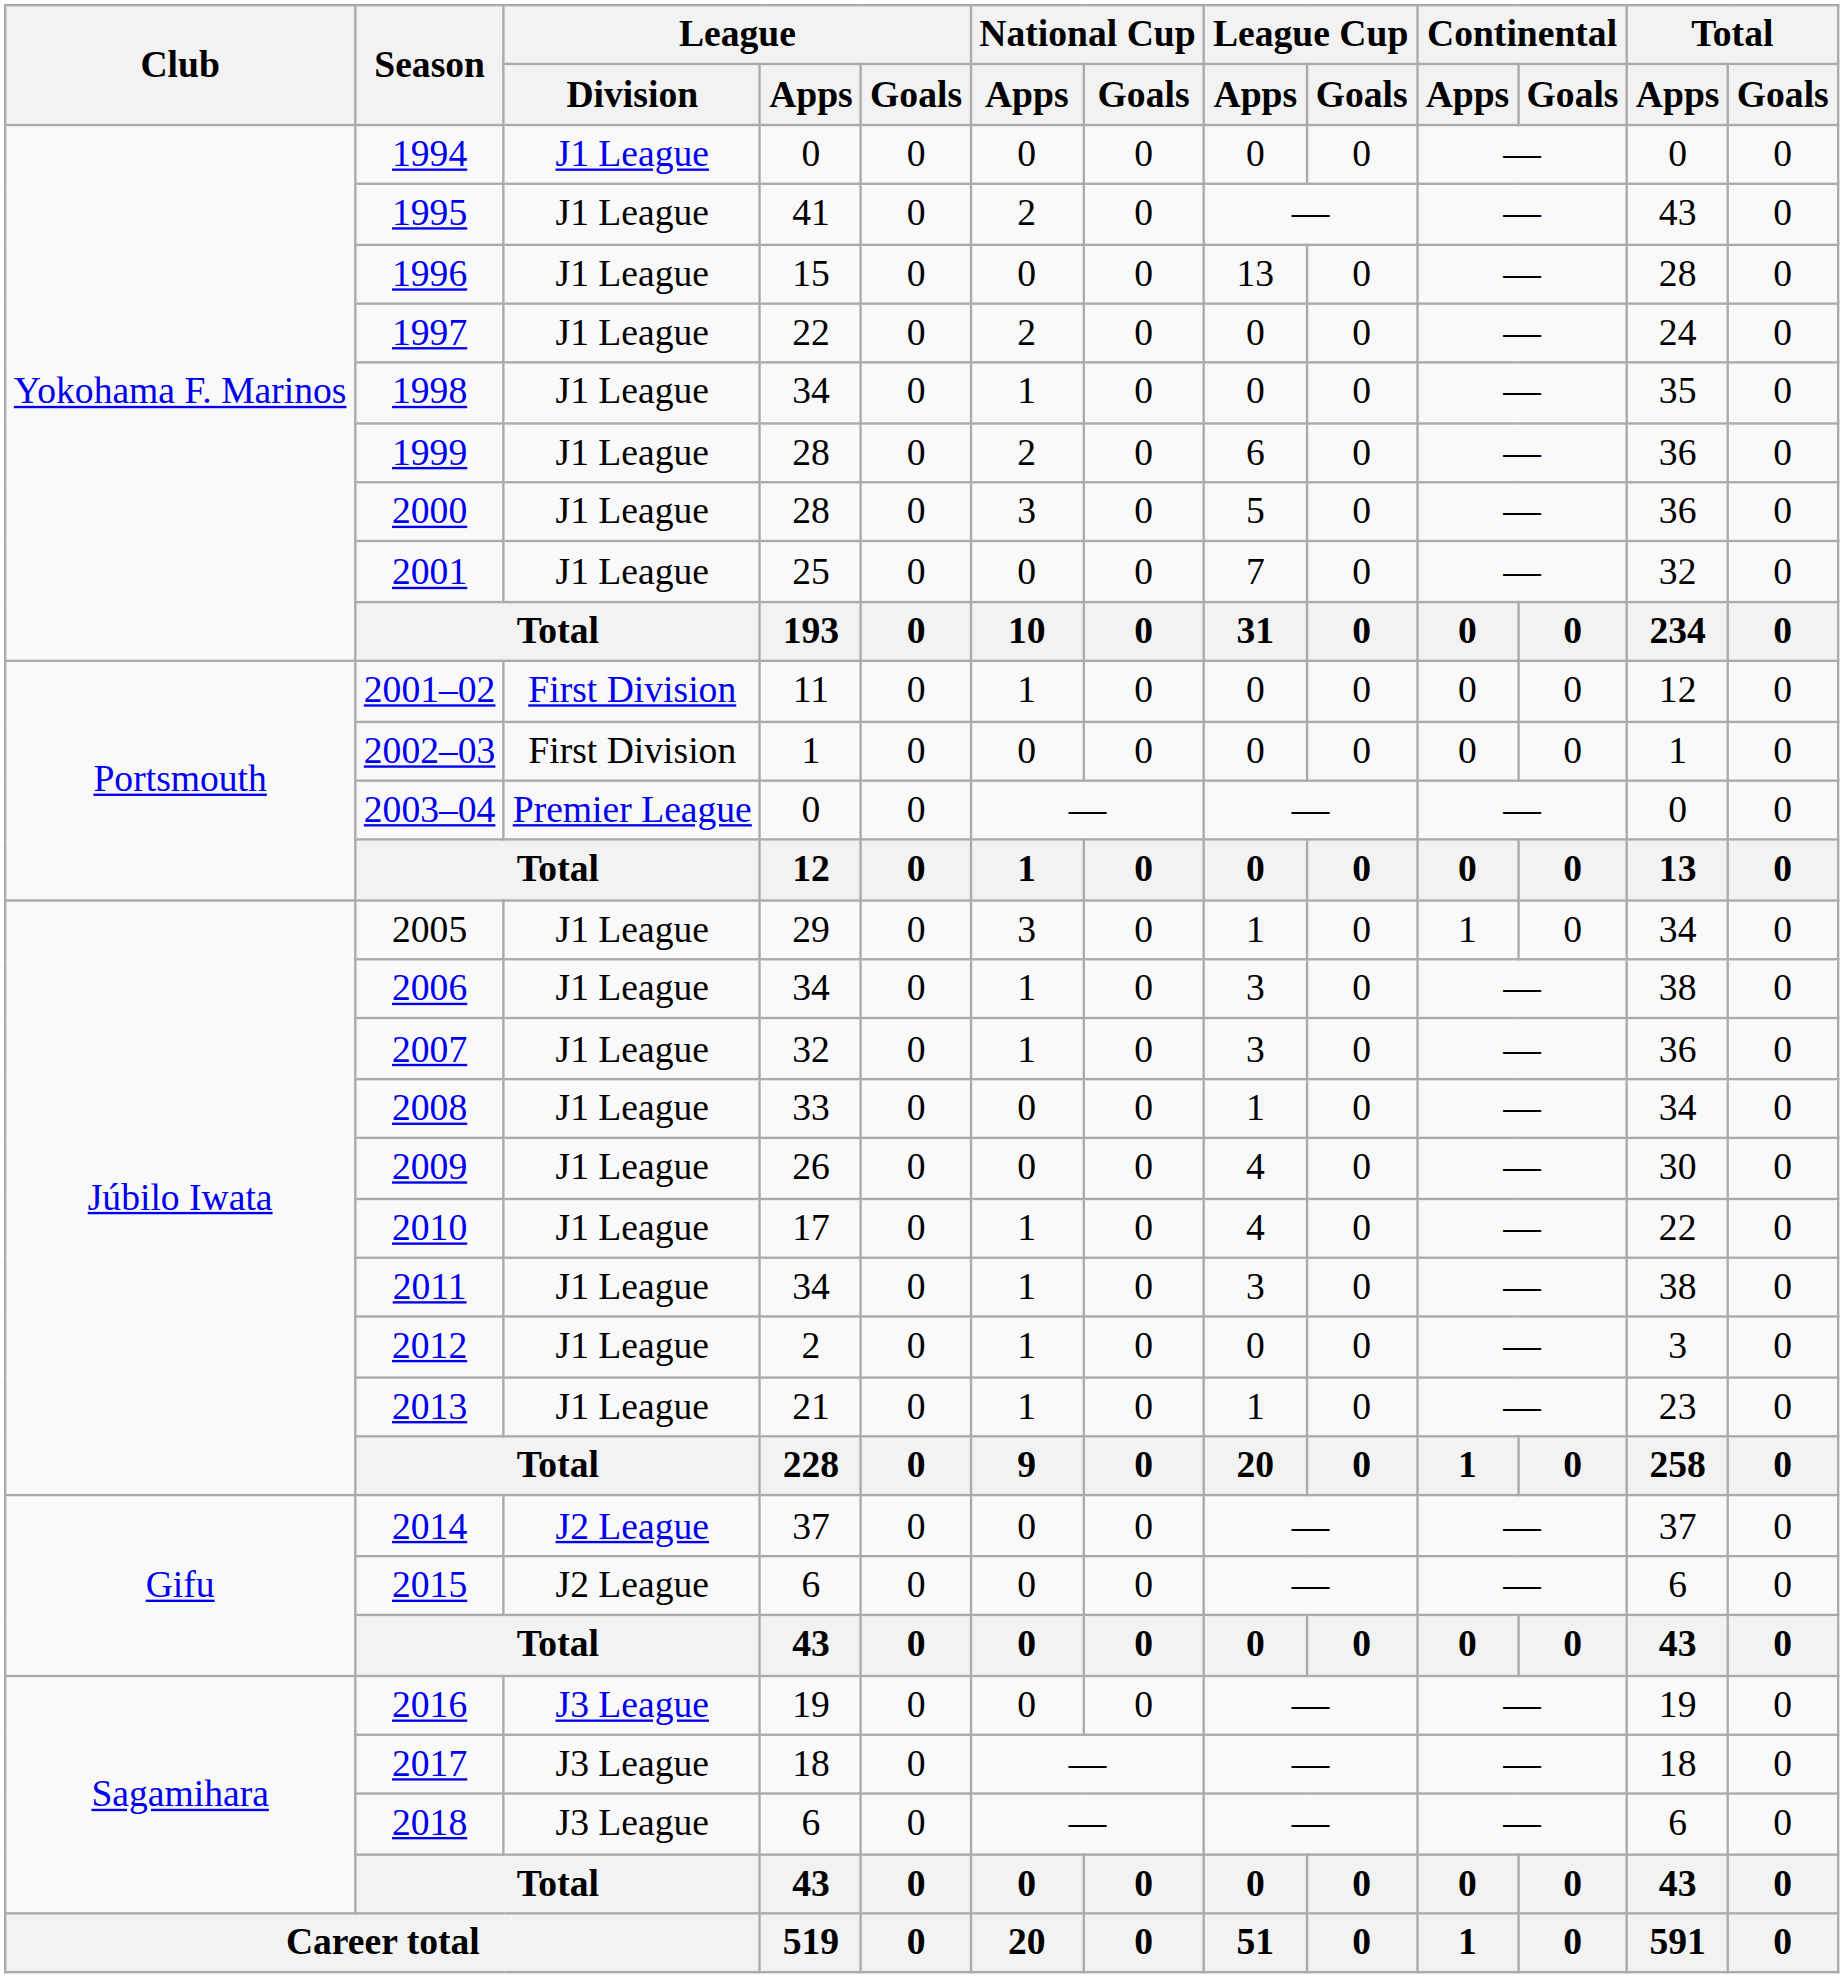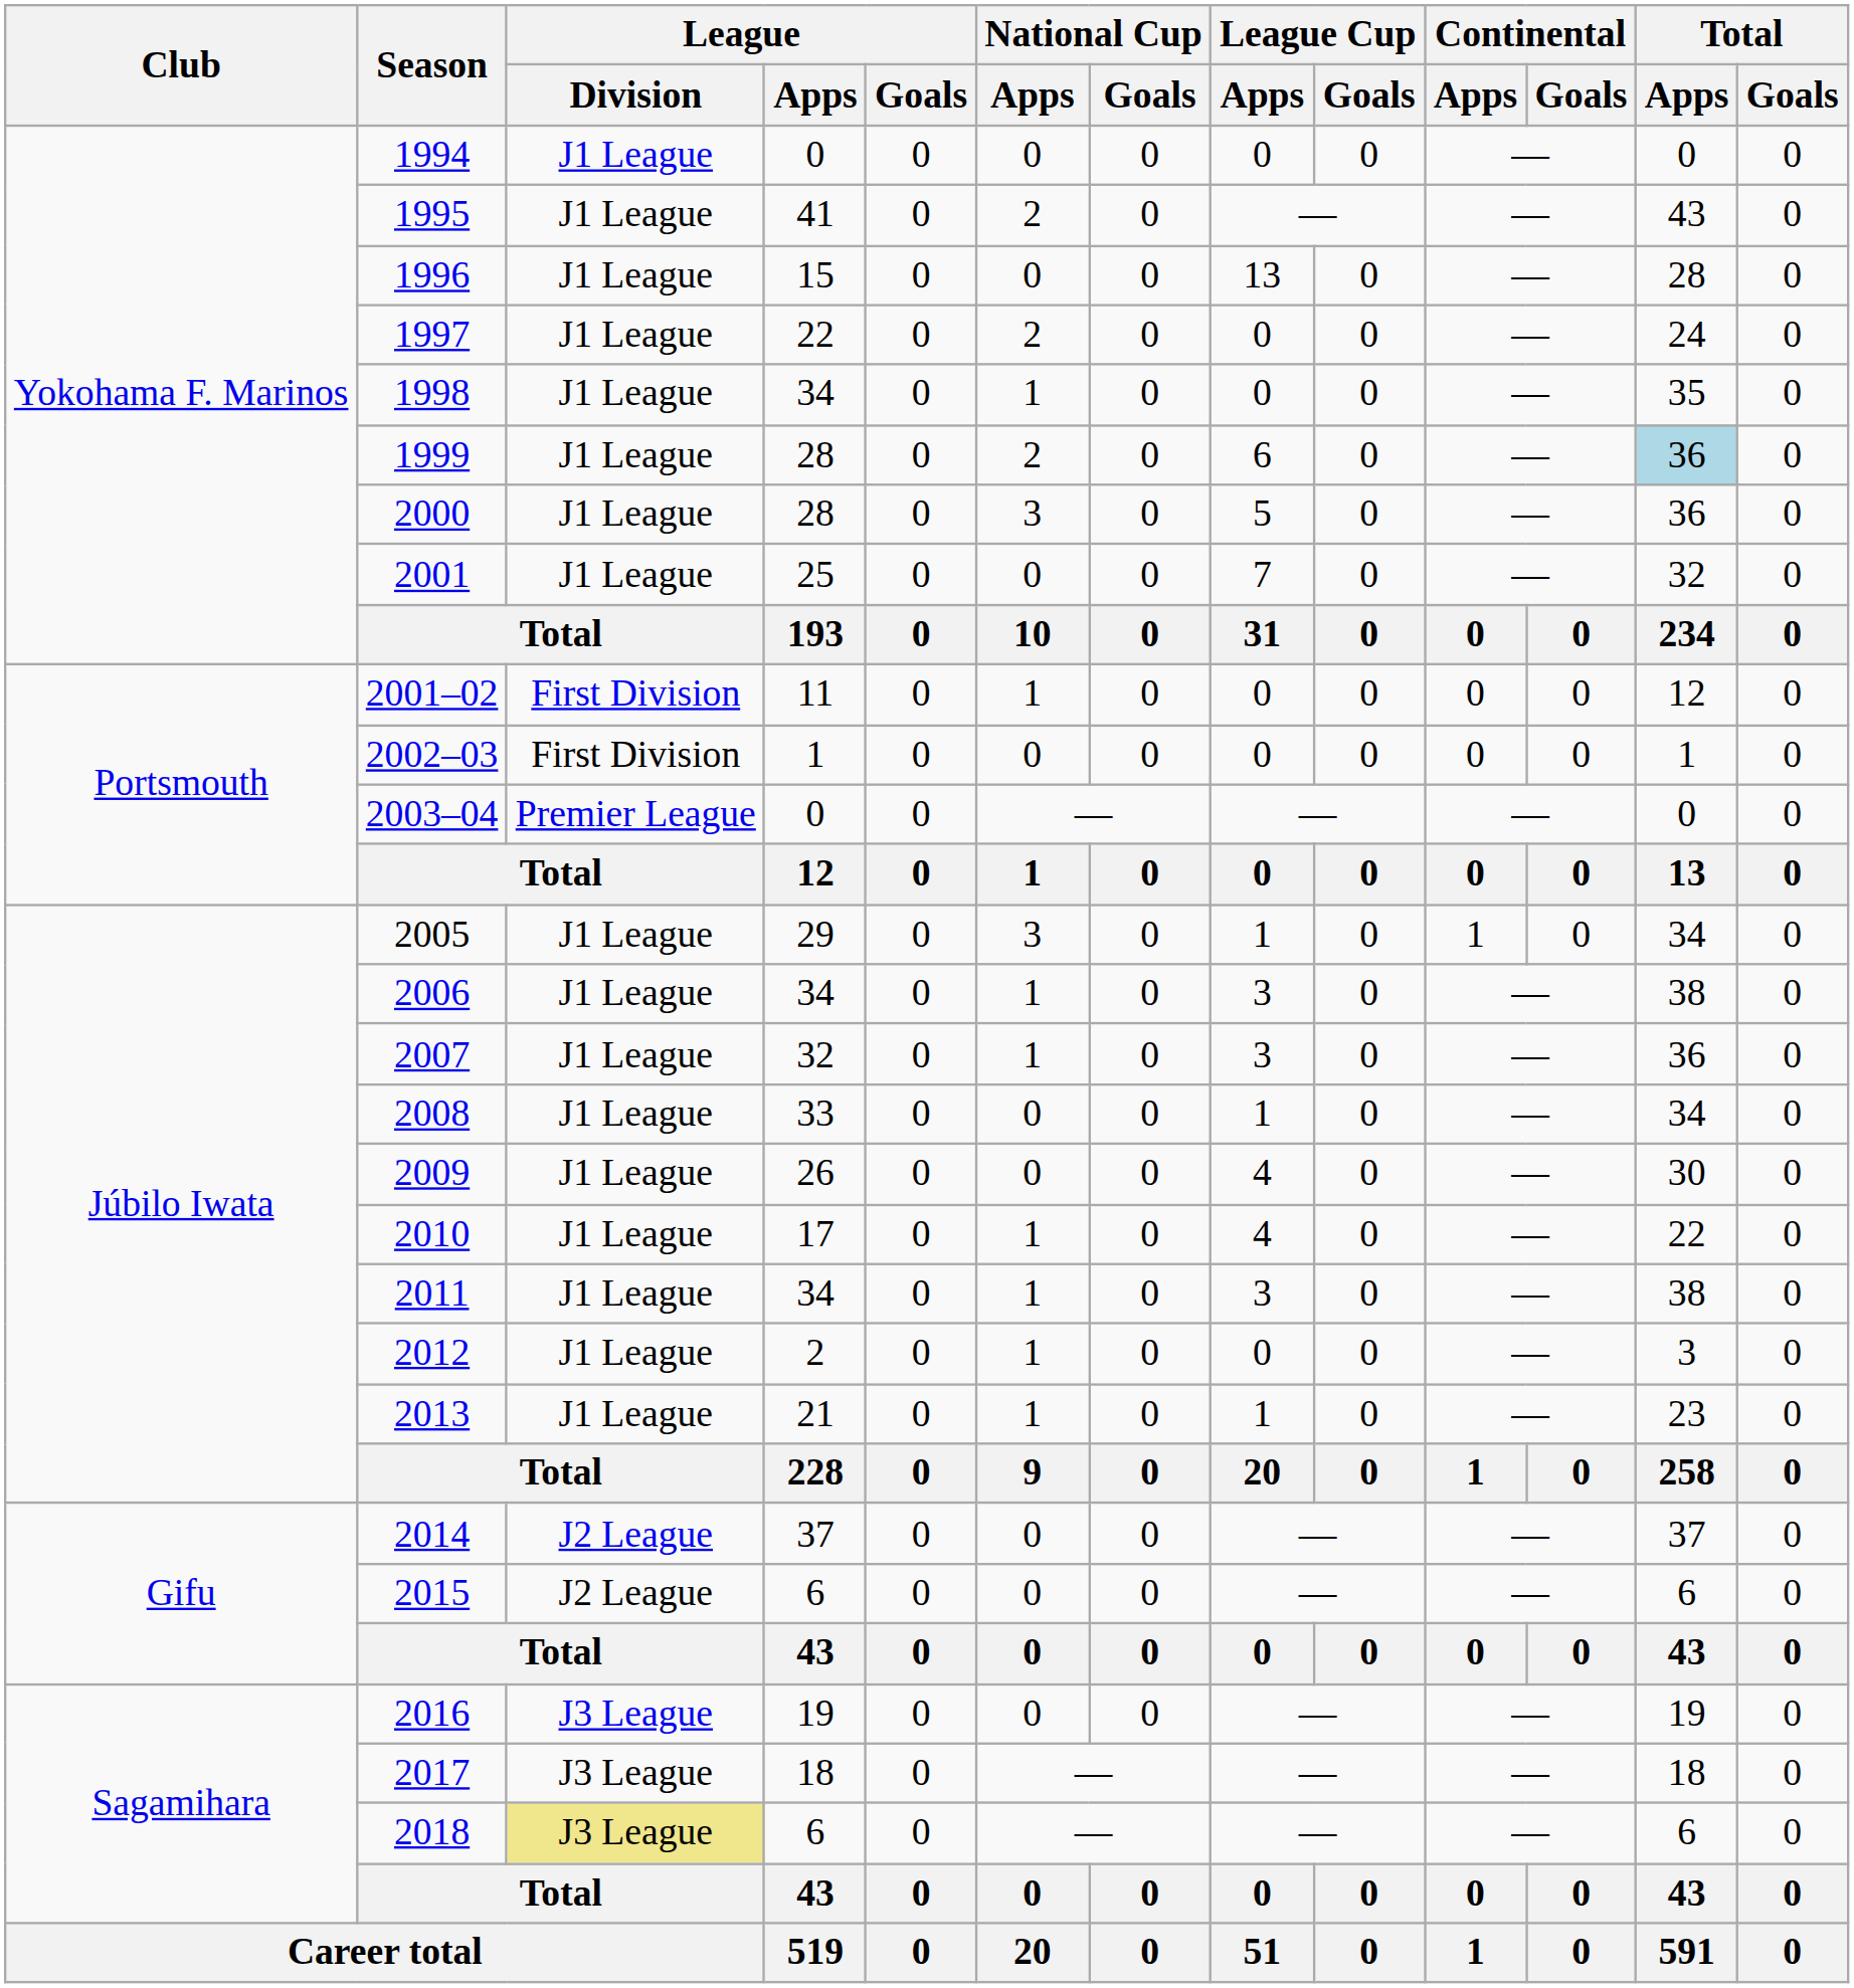 <table class="wikitable" style="text-align:center">
 <tr>
 <th rowspan="2">Club</th>
 <th rowspan="2">Season</th>
 <th colspan="3">League</th>
 <th colspan="2">National Cup</th>
 <th colspan="2">League Cup</th>
 <th colspan="2">Continental</th>
 <th colspan="2">Total</th>
 </tr>
 <tr>
 <th>Division</th>
 <th>Apps</th>
 <th>Goals</th>
 <th>Apps</th>
 <th>Goals</th>
 <th>Apps</th>
 <th>Goals</th>
 <th>Apps</th>
 <th>Goals</th>
 <th>Apps</th>
 <th>Goals</th>
 </tr>
 <tr>
 <td rowspan="9"><a href='#'>Yokohama F. Marinos</a></td>
 <td><a href='#'>1994</a></td>
 <td><a href='#'>J1 League</a></td>
 <td>0</td>
 <td>0</td>
 <td>0</td>
 <td>0</td>
 <td>0</td>
 <td>0</td>
 <td colspan="2">—</td>
 <td>0</td>
 <td>0</td>
 </tr>
 <tr>
 <td><a href='#'>1995</a></td>
 <td>J1 League</td>
 <td>41</td>
 <td>0</td>
 <td>2</td>
 <td>0</td>
 <td colspan="2">—</td>
 <td colspan="2">—</td>
 <td>43</td>
 <td>0</td>
 </tr>
 <tr>
 <td><a href='#'>1996</a></td>
 <td>J1 League</td>
 <td>15</td>
 <td>0</td>
 <td>0</td>
 <td>0</td>
 <td>13</td>
 <td>0</td>
 <td colspan="2">—</td>
 <td>28</td>
 <td>0</td>
 </tr>
 <tr>
 <td><a href='#'>1997</a></td>
 <td>J1 League</td>
 <td>22</td>
 <td>0</td>
 <td>2</td>
 <td>0</td>
 <td>0</td>
 <td>0</td>
 <td colspan="2">—</td>
 <td>24</td>
 <td>0</td>
 </tr>
 <tr>
 <td><a href='#'>1998</a></td>
 <td>J1 League</td>
 <td>34</td>
 <td>0</td>
 <td>1</td>
 <td>0</td>
 <td>0</td>
 <td>0</td>
 <td colspan="2">—</td>
 <td>35</td>
 <td>0</td>
 </tr>
 <tr>
 <td><a href='#'>1999</a></td>
 <td>J1 League</td>
 <td>28</td>
 <td>0</td>
 <td>2</td>
 <td>0</td>
 <td>6</td>
 <td>0</td>
 <td colspan="2">—</td>
-<td>36</td>
+<td style="background: lightblue;">36</td>
 <td>0</td>
 </tr>
 <tr>
 <td><a href='#'>2000</a></td>
 <td>J1 League</td>
 <td>28</td>
 <td>0</td>
 <td>3</td>
 <td>0</td>
 <td>5</td>
 <td>0</td>
 <td colspan="2">—</td>
 <td>36</td>
 <td>0</td>
 </tr>
 <tr>
 <td><a href='#'>2001</a></td>
 <td>J1 League</td>
 <td>25</td>
 <td>0</td>
 <td>0</td>
 <td>0</td>
 <td>7</td>
 <td>0</td>
 <td colspan="2">—</td>
 <td>32</td>
 <td>0</td>
 </tr>
 <tr>
 <th colspan="2">Total</th>
 <th>193</th>
 <th>0</th>
 <th>10</th>
 <th>0</th>
 <th>31</th>
 <th>0</th>
 <th>0</th>
 <th>0</th>
 <th>234</th>
 <th>0</th>
 </tr>
 <tr>
 <td rowspan="4"><a href='#'>Portsmouth</a></td>
 <td><a href='#'>2001–02</a></td>
 <td><a href='#'>First Division</a></td>
 <td>11</td>
 <td>0</td>
 <td>1</td>
 <td>0</td>
 <td>0</td>
 <td>0</td>
 <td>0</td>
 <td>0</td>
 <td>12</td>
 <td>0</td>
 </tr>
 <tr>
 <td><a href='#'>2002–03</a></td>
 <td>First Division</td>
 <td>1</td>
 <td>0</td>
 <td>0</td>
 <td>0</td>
 <td>0</td>
 <td>0</td>
 <td>0</td>
 <td>0</td>
 <td>1</td>
 <td>0</td>
 </tr>
 <tr>
 <td><a href='#'>2003–04</a></td>
 <td><a href='#'>Premier League</a></td>
 <td>0</td>
 <td>0</td>
 <td colspan="2">—</td>
 <td colspan="2">—</td>
 <td colspan="2">—</td>
 <td>0</td>
 <td>0</td>
 </tr>
 <tr>
 <th colspan="2">Total</th>
 <th>12</th>
 <th>0</th>
 <th>1</th>
 <th>0</th>
 <th>0</th>
 <th>0</th>
 <th>0</th>
 <th>0</th>
 <th>13</th>
 <th>0</th>
 </tr>
 <tr>
 <td rowspan="10"><a href='#'>Júbilo Iwata</a></td>
 <td>2005</td>
 <td>J1 League</td>
 <td>29</td>
 <td>0</td>
 <td>3</td>
 <td>0</td>
 <td>1</td>
 <td>0</td>
 <td>1</td>
 <td>0</td>
 <td>34</td>
 <td>0</td>
 </tr>
 <tr>
 <td><a href='#'>2006</a></td>
 <td>J1 League</td>
 <td>34</td>
 <td>0</td>
 <td>1</td>
 <td>0</td>
 <td>3</td>
 <td>0</td>
 <td colspan="2">—</td>
 <td>38</td>
 <td>0</td>
 </tr>
 <tr>
 <td><a href='#'>2007</a></td>
 <td>J1 League</td>
 <td>32</td>
 <td>0</td>
 <td>1</td>
 <td>0</td>
 <td>3</td>
 <td>0</td>
 <td colspan="2">—</td>
 <td>36</td>
 <td>0</td>
 </tr>
 <tr>
 <td><a href='#'>2008</a></td>
 <td>J1 League</td>
 <td>33</td>
 <td>0</td>
 <td>0</td>
 <td>0</td>
 <td>1</td>
 <td>0</td>
 <td colspan="2">—</td>
 <td>34</td>
 <td>0</td>
 </tr>
 <tr>
 <td><a href='#'>2009</a></td>
 <td>J1 League</td>
 <td>26</td>
 <td>0</td>
 <td>0</td>
 <td>0</td>
 <td>4</td>
 <td>0</td>
 <td colspan="2">—</td>
 <td>30</td>
 <td>0</td>
 </tr>
 <tr>
 <td><a href='#'>2010</a></td>
 <td>J1 League</td>
 <td>17</td>
 <td>0</td>
 <td>1</td>
 <td>0</td>
 <td>4</td>
 <td>0</td>
 <td colspan="2">—</td>
 <td>22</td>
 <td>0</td>
 </tr>
 <tr>
 <td><a href='#'>2011</a></td>
 <td>J1 League</td>
 <td>34</td>
 <td>0</td>
 <td>1</td>
 <td>0</td>
 <td>3</td>
 <td>0</td>
 <td colspan="2">—</td>
 <td>38</td>
 <td>0</td>
 </tr>
 <tr>
 <td><a href='#'>2012</a></td>
 <td>J1 League</td>
 <td>2</td>
 <td>0</td>
 <td>1</td>
 <td>0</td>
 <td>0</td>
 <td>0</td>
 <td colspan="2">—</td>
 <td>3</td>
 <td>0</td>
 </tr>
 <tr>
 <td><a href='#'>2013</a></td>
 <td>J1 League</td>
 <td>21</td>
 <td>0</td>
 <td>1</td>
 <td>0</td>
 <td>1</td>
 <td>0</td>
 <td colspan="2">—</td>
 <td>23</td>
 <td>0</td>
 </tr>
 <tr>
 <th colspan="2">Total</th>
 <th>228</th>
 <th>0</th>
 <th>9</th>
 <th>0</th>
 <th>20</th>
 <th>0</th>
 <th>1</th>
 <th>0</th>
 <th>258</th>
 <th>0</th>
 </tr>
 <tr>
 <td rowspan="3"><a href='#'>Gifu</a></td>
 <td><a href='#'>2014</a></td>
 <td><a href='#'>J2 League</a></td>
 <td>37</td>
 <td>0</td>
 <td>0</td>
 <td>0</td>
 <td colspan="2">—</td>
 <td colspan="2">—</td>
 <td>37</td>
 <td>0</td>
 </tr>
 <tr>
 <td><a href='#'>2015</a></td>
 <td>J2 League</td>
 <td>6</td>
 <td>0</td>
 <td>0</td>
 <td>0</td>
 <td colspan="2">—</td>
 <td colspan="2">—</td>
 <td>6</td>
 <td>0</td>
 </tr>
 <tr>
 <th colspan="2">Total</th>
 <th>43</th>
 <th>0</th>
 <th>0</th>
 <th>0</th>
 <th>0</th>
 <th>0</th>
 <th>0</th>
 <th>0</th>
 <th>43</th>
 <th>0</th>
 </tr>
 <tr>
 <td rowspan="4"><a href='#'>Sagamihara</a></td>
 <td><a href='#'>2016</a></td>
 <td><a href='#'>J3 League</a></td>
 <td>19</td>
 <td>0</td>
 <td>0</td>
 <td>0</td>
 <td colspan="2">—</td>
 <td colspan="2">—</td>
 <td>19</td>
 <td>0</td>
 </tr>
 <tr>
 <td><a href='#'>2017</a></td>
 <td>J3 League</td>
 <td>18</td>
 <td>0</td>
 <td colspan="2">—</td>
 <td colspan="2">—</td>
 <td colspan="2">—</td>
 <td>18</td>
 <td>0</td>
 </tr>
 <tr>
 <td><a href='#'>2018</a></td>
-<td>J3 League</td>
+<td style="background: khaki;">J3 League</td>
 <td>6</td>
 <td>0</td>
 <td colspan="2">—</td>
 <td colspan="2">—</td>
 <td colspan="2">—</td>
 <td>6</td>
 <td>0</td>
 </tr>
 <tr>
 <th colspan="2">Total</th>
 <th>43</th>
 <th>0</th>
 <th>0</th>
 <th>0</th>
 <th>0</th>
 <th>0</th>
 <th>0</th>
 <th>0</th>
 <th>43</th>
 <th>0</th>
 </tr>
 <tr>
 <th colspan="3">Career total</th>
 <th>519</th>
 <th>0</th>
 <th>20</th>
 <th>0</th>
 <th>51</th>
 <th>0</th>
 <th>1</th>
 <th>0</th>
 <th>591</th>
 <th>0</th>
 </tr>
 </table>
